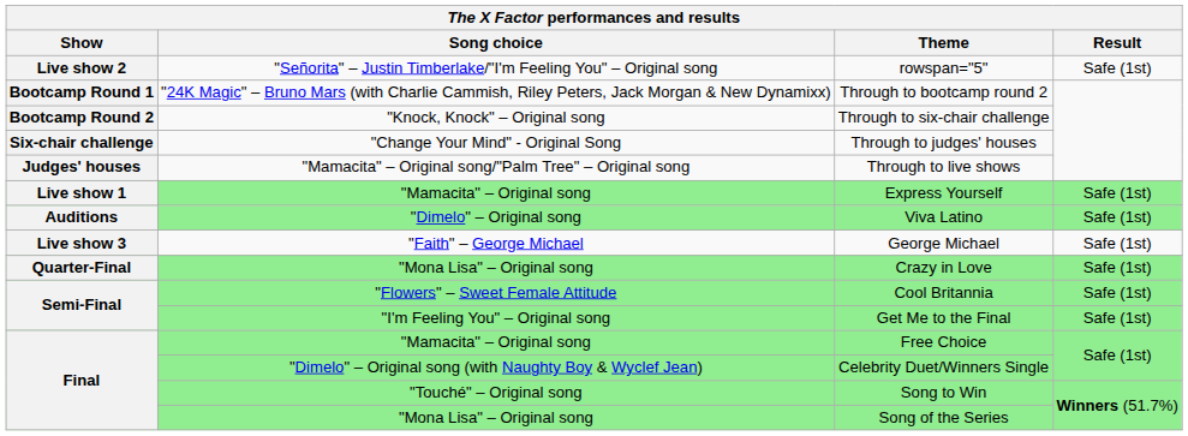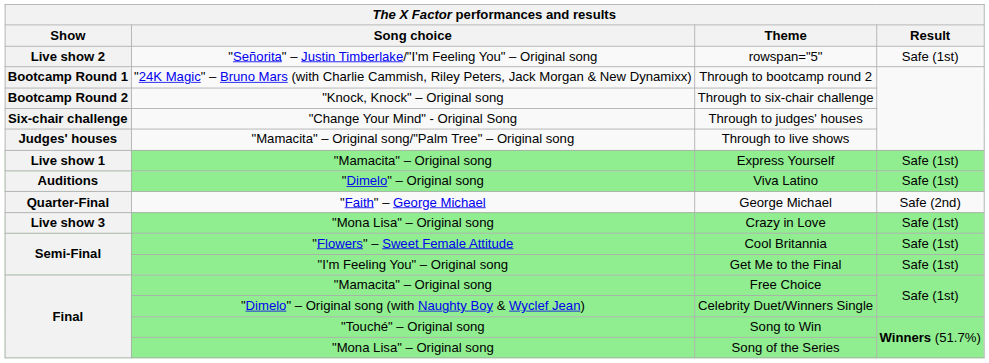 <table class="wikitable collapsible" style="margin:1em auto 1em auto; text-align:center;">
 <tr>
 <th colspan="5"><em>The X Factor</em> performances and results</th>
 </tr>
 <tr>
 <th style="text-align:centre;">Show</th>
 <th style="text-align:centre;">Song choice</th>
 <th style="text-align:centre;">Theme</th>
 <th style="text-align:centre;">Result</th>
 </tr>
 <tr>
 <th>Live show 2</th>
 <td>"<a href='#'>Señorita</a>" – <a href='#'>Justin Timberlake</a>/"I'm Feeling You" – Original song</td>
 <td>rowspan="5" </td>
 <td>Safe (1st)</td>
 </tr>
 <tr>
 <th>Bootcamp Round 1</th>
 <td>"<a href='#'>24K Magic</a>" – <a href='#'>Bruno Mars</a> (with Charlie Cammish, Riley Peters, Jack Morgan & New Dynamixx)</td>
 <td>Through to bootcamp round 2</td>
 </tr>
 <tr>
 <th>Bootcamp Round 2</th>
 <td>"Knock, Knock" – Original song</td>
 <td>Through to six-chair challenge</td>
 </tr>
 <tr>
 <th>Six-chair challenge</th>
 <td>"Change Your Mind" - Original Song</td>
 <td>Through to judges' houses</td>
 </tr>
 <tr>
 <th>Judges' houses</th>
 <td>"Mamacita" – Original song/"Palm Tree" – Original song</td>
 <td>Through to live shows</td>
 </tr>
 <tr style="background:lightgreen;">
 <th>Live show 1</th>
 <td>"Mamacita" – Original song</td>
 <td>Express Yourself</td>
 <td>Safe (1st)</td>
 </tr>
 <tr style="background:lightgreen;">
 <th>Auditions</th>
 <td>"<a href='#'>Dimelo</a>" – Original song</td>
 <td>Viva Latino</td>
 <td>Safe (1st)</td>
 </tr>
 <tr>
-<th>Live show 3</th>
+<th>Quarter-Final</th>
 <td>"<a href='#'>Faith</a>" – <a href='#'>George Michael</a></td>
 <td>George Michael</td>
-<td>Safe (1st)</td>
+<td>Safe (2nd)</td>
 </tr>
 <tr style="background:lightgreen;">
-<th>Quarter-Final</th>
+<th>Live show 3</th>
 <td>"Mona Lisa" – Original song</td>
 <td>Crazy in Love</td>
 <td>Safe (1st)</td>
 </tr>
 <tr style="background:lightgreen;">
 <th rowspan="2">Semi-Final</th>
 <td>"<a href='#'>Flowers</a>" – <a href='#'>Sweet Female Attitude</a></td>
 <td>Cool Britannia</td>
 <td>Safe (1st)</td>
 </tr>
 <tr style="background:lightgreen;">
 <td>"I'm Feeling You" – Original song</td>
 <td>Get Me to the Final</td>
 <td>Safe (1st)</td>
 </tr>
 <tr style="background:lightgreen;">
 <th rowspan="4">Final</th>
 <td>"Mamacita" – Original song</td>
 <td>Free Choice</td>
 <td rowspan="2">Safe (1st)</td>
 </tr>
 <tr style="background:lightgreen;">
 <td>"<a href='#'>Dimelo</a>" – Original song (with <a href='#'>Naughty Boy</a> & <a href='#'>Wyclef Jean</a>)</td>
 <td>Celebrity Duet/Winners Single</td>
 </tr>
 <tr style="background:lightgreen;">
 <td>"Touché" – Original song</td>
 <td>Song to Win</td>
 <td rowspan="2"><strong>Winners</strong> (51.7%)</td>
 </tr>
 <tr style="background:lightgreen;">
 <td>"Mona Lisa" – Original song</td>
 <td>Song of the Series</td>
 </tr>
 </table>
